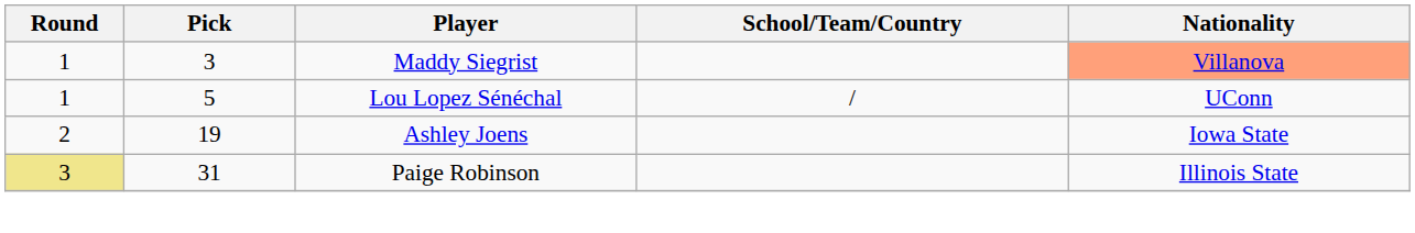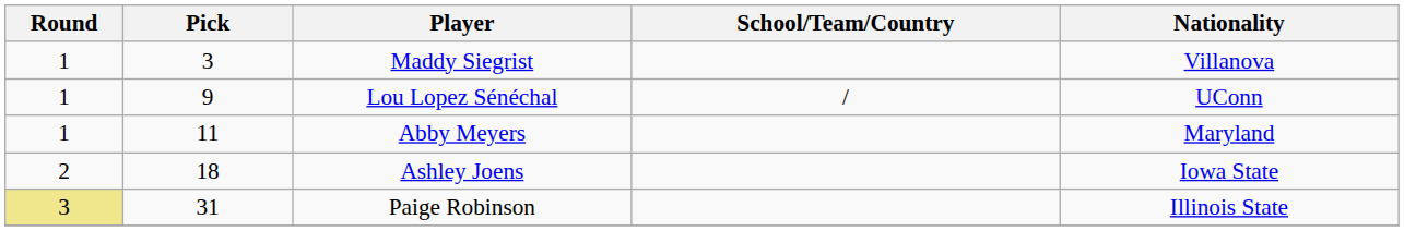 <table class="wikitable" style="text-align:center; width:60em">
 <tr>
 <th width="2%">Round</th>
 <th width="5%">Pick</th>
 <th width="10%">Player</th>
 <th width="10%">School/Team/Country</th>
 <th width="10%">Nationality</th>
 </tr>
 <tr>
 <td>1</td>
 <td>3</td>
 <td><a href='#'>Maddy Siegrist</a></td>
 <td></td>
-<td style="background: lightsalmon;"><a href='#'>Villanova</a></td>
+<td><a href='#'>Villanova</a></td>
 </tr>
 <tr>
 <td>1</td>
-<td>5</td>
+<td>9</td>
 <td><a href='#'>Lou Lopez Sénéchal</a></td>
 <td>/</td>
 <td><a href='#'>UConn</a></td>
 </tr>
 <tr>
+<td>1</td>
+<td>11</td>
+<td><a href='#'>Abby Meyers</a></td>
+<td></td>
+<td><a href='#'>Maryland</a></td>
+</tr>
+<tr>
 <td>2</td>
-<td>19</td>
+<td>18</td>
 <td><a href='#'>Ashley Joens</a></td>
 <td></td>
 <td><a href='#'>Iowa State</a></td>
 </tr>
 <tr>
 <td style="background: khaki;">3</td>
 <td>31</td>
 <td>Paige Robinson</td>
 <td></td>
 <td><a href='#'>Illinois State</a></td>
 </tr>
 <tr>
 </tr>
 </table>
